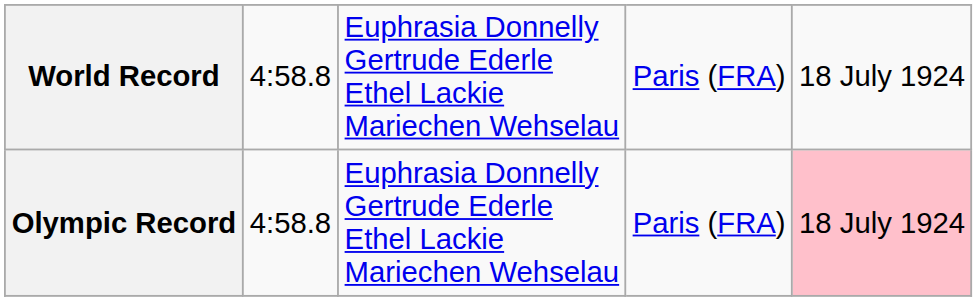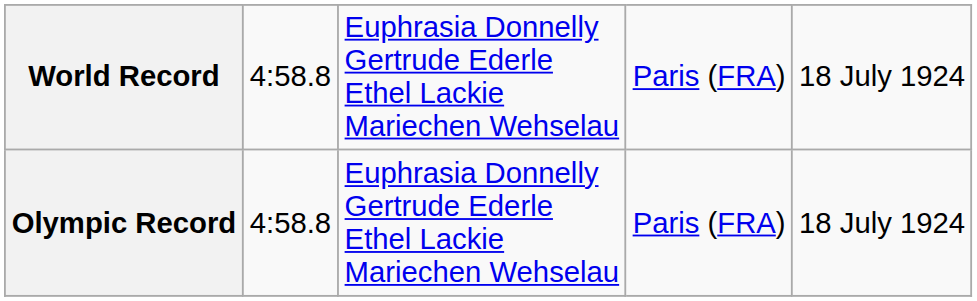 <table class="wikitable" style="text-align:left">
 <tr>
 <th>World Record</th>
 <td>4:58.8</td>
 <td> <a href='#'>Euphrasia Donnelly</a><br> <a href='#'>Gertrude Ederle</a><br> <a href='#'>Ethel Lackie</a><br> <a href='#'>Mariechen Wehselau</a></td>
 <td><a href='#'>Paris</a> (<a href='#'>FRA</a>)</td>
 <td>18 July 1924</td>
 </tr>
 <tr>
 <th>Olympic Record</th>
 <td>4:58.8</td>
 <td> <a href='#'>Euphrasia Donnelly</a><br> <a href='#'>Gertrude Ederle</a><br> <a href='#'>Ethel Lackie</a><br> <a href='#'>Mariechen Wehselau</a></td>
 <td><a href='#'>Paris</a> (<a href='#'>FRA</a>)</td>
-<td style="background: pink;">18 July 1924</td>
+<td>18 July 1924</td>
 </tr>
 </table>
